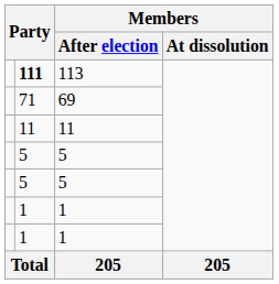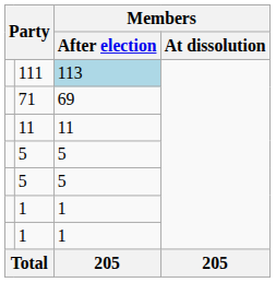 <table class="wikitable">
 <tr>
 <th colspan="2" rowspan="2">Party</th>
 <th colspan="2">Members</th>
 </tr>
 <tr>
 <th>After <a href='#'>election</a></th>
 <th>At dissolution</th>
 </tr>
 <tr>
 <td></td>
-<td><strong>111</strong></td>
-<td>113</td>
+<td>111</td>
+<td style="background: lightblue;">113</td>
 </tr>
 <tr>
 <td></td>
 <td>71</td>
 <td>69</td>
 </tr>
 <tr>
 <td></td>
 <td>11</td>
 <td>11</td>
 </tr>
 <tr>
 <td></td>
 <td>5</td>
 <td>5</td>
 </tr>
 <tr>
 <td></td>
 <td>5</td>
 <td>5</td>
 </tr>
 <tr>
 <td></td>
 <td>1</td>
 <td>1</td>
 </tr>
 <tr>
 <td></td>
 <td>1</td>
 <td>1</td>
 </tr>
 <tr>
 <th colspan="2">Total</th>
 <th>205</th>
 <th>205</th>
 </tr>
 </table>
